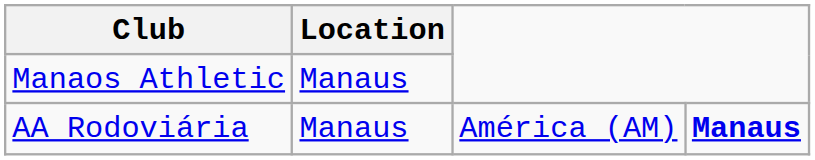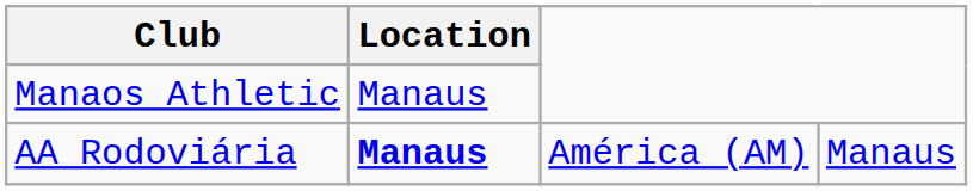 <table class="wikitable sortable">
 <tr>
 <th>Club</th>
 <th>Location</th>
 </tr>
 <tr>
 <td><a href='#'>Manaos Athletic</a></td>
 <td><a href='#'>Manaus</a></td>
 </tr>
 <tr>
 <td><a href='#'>AA Rodoviária</a></td>
+<td><strong><a href='#'>Manaus</a></strong></td>
+<td><a href='#'>América (AM)</a></td>
 <td><a href='#'>Manaus</a></td>
-<td><a href='#'>América (AM)</a></td>
-<td><strong><a href='#'>Manaus</a></strong></td>
 </tr>
 </table>
